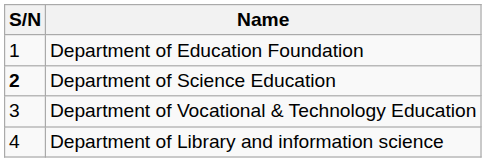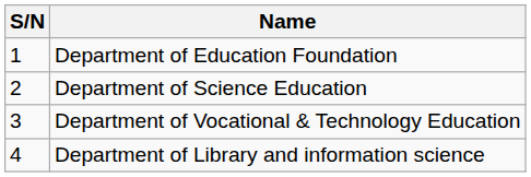 <table class="wikitable">
 <tr>
 <th>S/N</th>
 <th>Name</th>
 </tr>
 <tr>
 <td>1</td>
 <td>Department of Education Foundation</td>
 </tr>
 <tr>
-<td><strong>2</strong></td>
+<td>2</td>
 <td>Department of Science Education</td>
 </tr>
 <tr>
 <td>3</td>
 <td>Department of Vocational & Technology Education</td>
 </tr>
 <tr>
 <td>4</td>
 <td>Department of Library and information science</td>
 </tr>
 </table>
